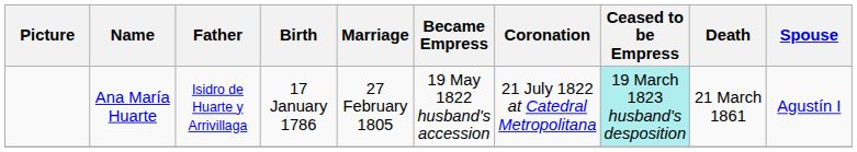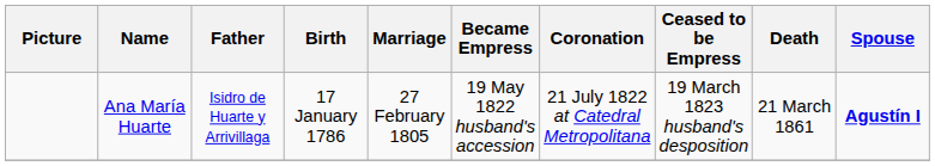 <table width=95% class="wikitable">
 <tr>
 <th width = "10%">Picture</th>
 <th width = "10%">Name</th>
 <th width = "10%">Father</th>
 <th width = "9%">Birth</th>
 <th width = "9%">Marriage</th>
 <th width = "9%">Became Empress</th>
 <th width = "9%">Coronation</th>
 <th width = "9%">Ceased to be Empress</th>
 <th width = "9%">Death</th>
 <th width = "10%"><a href='#'>Spouse</a></th>
 </tr>
 <tr>
 <td align="center"></td>
 <td align="center"><a href='#'>Ana María Huarte</a></td>
 <td align="center"><small><a href='#'>Isidro de Huarte y Arrivillaga</a></small></td>
 <td align="center">17 January 1786</td>
 <td align="center">27 February 1805</td>
 <td align="center">19 May 1822<br><em>husband's accession</em></td>
 <td align="center">21 July 1822<br><em>at <a href='#'>Catedral Metropolitana</a></em></td>
-<td align="center" style="background: paleturquoise;">19 March 1823<br><em>husband's desposition</em></td>
+<td align="center">19 March 1823<br><em>husband's desposition</em></td>
 <td align="center">21 March 1861</td>
-<td align="center"><a href='#'>Agustín I</a></td>
+<td align="center"><strong><a href='#'>Agustín I</a></strong></td>
 </tr>
 <tr>
 </tr>
 </table>
